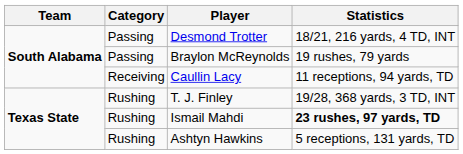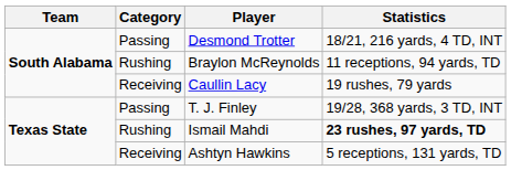 <table class="wikitable" style="float: right;">
 <tr>
 <th>Team</th>
 <th>Category</th>
 <th>Player</th>
 <th>Statistics</th>
 </tr>
 <tr>
 <td rowspan=3><strong>South Alabama</strong></td>
 <td>Passing</td>
 <td><a href='#'>Desmond Trotter</a></td>
 <td>18/21, 216 yards, 4 TD, INT</td>
 </tr>
 <tr>
-<td>Passing</td>
+<td>Rushing</td>
 <td>Braylon McReynolds</td>
-<td>19 rushes, 79 yards</td>
+<td>11 receptions, 94 yards, TD</td>
 </tr>
 <tr>
 <td>Receiving</td>
 <td><a href='#'>Caullin Lacy</a></td>
-<td>11 receptions, 94 yards, TD</td>
+<td>19 rushes, 79 yards</td>
 </tr>
 <tr>
 <td rowspan=3><strong>Texas State</strong></td>
-<td>Rushing</td>
+<td>Passing</td>
 <td>T. J. Finley</td>
 <td>19/28, 368 yards, 3 TD, INT</td>
 </tr>
 <tr>
 <td>Rushing</td>
 <td>Ismail Mahdi</td>
 <td><strong>23 rushes, 97 yards, TD</strong></td>
 </tr>
 <tr>
-<td>Rushing</td>
+<td>Receiving</td>
 <td>Ashtyn Hawkins</td>
 <td>5 receptions, 131 yards, TD</td>
 </tr>
 </table>
